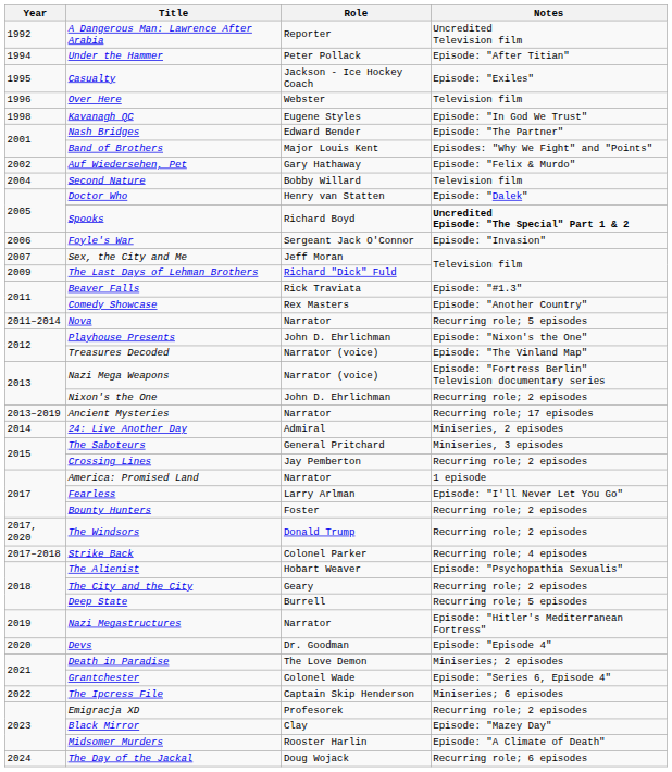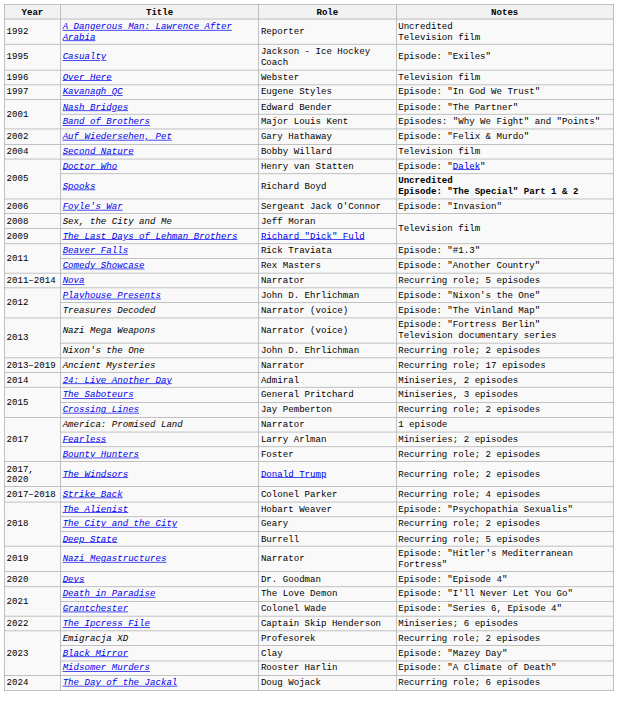 <table class="wikitable sortable">
 <tr>
 <th>Year</th>
 <th>Title</th>
 <th>Role</th>
 <th>Notes</th>
 </tr>
 <tr>
 <td>1992</td>
 <td><em><a href='#'>A Dangerous Man: Lawrence After Arabia</a></em></td>
 <td>Reporter</td>
 <td>Uncredited<br>Television film</td>
 </tr>
 <tr>
-<td>1994</td>
-<td><em><a href='#'>Under the Hammer</a></em></td>
-<td>Peter Pollack</td>
-<td>Episode: "After Titian"</td>
-</tr>
-<tr>
 <td>1995</td>
 <td><em><a href='#'>Casualty</a></em></td>
 <td>Jackson - Ice Hockey Coach</td>
 <td>Episode: "Exiles"</td>
 </tr>
 <tr>
 <td>1996</td>
 <td><em><a href='#'>Over Here</a></em></td>
 <td>Webster</td>
 <td>Television film</td>
 </tr>
 <tr>
-<td>1998</td>
+<td>1997</td>
 <td><em><a href='#'>Kavanagh QC</a></em></td>
 <td>Eugene Styles</td>
 <td>Episode: "In God We Trust"</td>
 </tr>
 <tr>
 <td rowspan="2">2001</td>
 <td><em><a href='#'>Nash Bridges</a></em></td>
 <td>Edward Bender</td>
 <td>Episode: "The Partner"</td>
 </tr>
 <tr>
 <td><em><a href='#'>Band of Brothers</a></em></td>
 <td>Major Louis Kent</td>
 <td>Episodes: "Why We Fight" and "Points"</td>
 </tr>
 <tr>
 <td>2002</td>
 <td><em><a href='#'>Auf Wiedersehen, Pet</a></em></td>
 <td>Gary Hathaway</td>
 <td>Episode: "Felix & Murdo"</td>
 </tr>
 <tr>
 <td>2004</td>
 <td><em><a href='#'>Second Nature</a></em></td>
 <td>Bobby Willard</td>
 <td>Television film</td>
 </tr>
 <tr>
 <td rowspan="2">2005</td>
 <td><em><a href='#'>Doctor Who</a></em></td>
 <td>Henry van Statten</td>
 <td>Episode: "<a href='#'>Dalek</a>"</td>
 </tr>
 <tr>
 <td><em><a href='#'>Spooks</a></em></td>
 <td>Richard Boyd</td>
 <td><strong>Uncredited<br>Episode: "The Special" Part 1 & 2</strong></td>
 </tr>
 <tr>
 <td>2006</td>
 <td><em><a href='#'>Foyle's War</a></em></td>
 <td>Sergeant Jack O'Connor</td>
 <td>Episode: "Invasion"</td>
 </tr>
 <tr>
-<td>2007</td>
+<td>2008</td>
 <td><em>Sex, the City and Me</em></td>
 <td>Jeff Moran</td>
 <td rowspan="2">Television film</td>
 </tr>
 <tr>
 <td>2009</td>
 <td><em><a href='#'>The Last Days of Lehman Brothers</a></em></td>
 <td><a href='#'>Richard "Dick" Fuld</a></td>
 </tr>
 <tr>
 <td rowspan="2">2011</td>
 <td><em><a href='#'>Beaver Falls</a></em></td>
 <td>Rick Traviata</td>
 <td>Episode: "#1.3"</td>
 </tr>
 <tr>
 <td><em><a href='#'>Comedy Showcase</a></em></td>
 <td>Rex Masters</td>
 <td>Episode: "Another Country"</td>
 </tr>
 <tr>
 <td>2011–2014</td>
 <td><em><a href='#'>Nova</a></em></td>
 <td>Narrator</td>
 <td>Recurring role; 5 episodes</td>
 </tr>
 <tr>
 <td rowspan="2">2012</td>
 <td><em><a href='#'>Playhouse Presents</a></em></td>
 <td>John D. Ehrlichman</td>
 <td>Episode: "Nixon's the One"</td>
 </tr>
 <tr>
 <td><em>Treasures Decoded</em></td>
 <td>Narrator (voice)</td>
 <td>Episode: "The Vinland Map"</td>
 </tr>
 <tr>
 <td rowspan="2">2013</td>
 <td><em>Nazi Mega Weapons</em></td>
 <td>Narrator (voice)</td>
 <td>Episode: "Fortress Berlin"<br>Television documentary series</td>
 </tr>
 <tr>
 <td><em>Nixon's the One</em></td>
 <td>John D. Ehrlichman</td>
 <td>Recurring role; 2 episodes</td>
 </tr>
 <tr>
 <td>2013–2019</td>
 <td><em>Ancient Mysteries</em></td>
 <td>Narrator</td>
 <td>Recurring role; 17 episodes</td>
 </tr>
 <tr>
 <td>2014</td>
 <td><em><a href='#'>24: Live Another Day</a></em></td>
 <td>Admiral</td>
 <td>Miniseries, 2 episodes</td>
 </tr>
 <tr>
 <td rowspan="2">2015</td>
 <td><em><a href='#'>The Saboteurs</a></em></td>
 <td>General Pritchard</td>
 <td>Miniseries, 3 episodes</td>
 </tr>
 <tr>
 <td><em><a href='#'>Crossing Lines</a></em></td>
 <td>Jay Pemberton</td>
 <td>Recurring role; 2 episodes</td>
 </tr>
 <tr>
 <td rowspan="3">2017</td>
 <td><em>America: Promised Land</em></td>
 <td>Narrator</td>
 <td>1 episode</td>
 </tr>
 <tr>
 <td><em><a href='#'>Fearless</a></em></td>
 <td>Larry Arlman</td>
-<td>Episode: "I'll Never Let You Go"</td>
+<td>Miniseries; 2 episodes</td>
 </tr>
 <tr>
 <td><em><a href='#'>Bounty Hunters</a></em></td>
 <td>Foster</td>
 <td>Recurring role; 2 episodes</td>
 </tr>
 <tr>
 <td>2017, 2020</td>
 <td><em><a href='#'>The Windsors</a></em></td>
 <td><a href='#'>Donald Trump</a></td>
 <td>Recurring role; 2 episodes</td>
 </tr>
 <tr>
 <td>2017–2018</td>
 <td><em><a href='#'>Strike Back</a></em></td>
 <td>Colonel Parker</td>
 <td>Recurring role; 4 episodes</td>
 </tr>
 <tr>
 <td rowspan="3">2018</td>
 <td><em><a href='#'>The Alienist</a></em></td>
 <td>Hobart Weaver</td>
 <td>Episode: "Psychopathia Sexualis"</td>
 </tr>
 <tr>
 <td><em><a href='#'>The City and the City</a></em></td>
 <td>Geary</td>
 <td>Recurring role; 2 episodes</td>
 </tr>
 <tr>
 <td><em><a href='#'>Deep State</a></em></td>
 <td>Burrell</td>
 <td>Recurring role; 5 episodes</td>
 </tr>
 <tr>
 <td>2019</td>
 <td><em><a href='#'>Nazi Megastructures</a></em></td>
 <td>Narrator</td>
 <td>Episode: "Hitler's Mediterranean Fortress"</td>
 </tr>
 <tr>
 <td>2020</td>
 <td><em><a href='#'>Devs</a></em></td>
 <td>Dr. Goodman</td>
 <td>Episode: "Episode 4"</td>
 </tr>
 <tr>
 <td rowspan="2">2021</td>
 <td><em><a href='#'>Death in Paradise</a></em></td>
 <td>The Love Demon</td>
-<td>Miniseries; 2 episodes</td>
+<td>Episode: "I'll Never Let You Go"</td>
 </tr>
 <tr>
 <td><em><a href='#'>Grantchester</a></em></td>
 <td>Colonel Wade</td>
 <td>Episode: "Series 6, Episode 4"</td>
 </tr>
 <tr>
 <td>2022</td>
 <td><em><a href='#'>The Ipcress File</a></em></td>
 <td>Captain Skip Henderson</td>
 <td>Miniseries; 6 episodes</td>
 </tr>
 <tr>
 <td rowspan="3">2023</td>
 <td><em>Emigracja XD</em></td>
 <td>Profesorek</td>
 <td>Recurring role; 2 episodes</td>
 </tr>
 <tr>
 <td><em><a href='#'>Black Mirror</a></em></td>
 <td>Clay</td>
 <td>Episode: "Mazey Day"</td>
 </tr>
 <tr>
 <td><em><a href='#'>Midsomer Murders</a></em></td>
 <td>Rooster Harlin</td>
 <td>Episode: "A Climate of Death"</td>
 </tr>
 <tr>
 <td>2024</td>
 <td><em><a href='#'>The Day of the Jackal</a></em></td>
 <td>Doug Wojack</td>
 <td>Recurring role; 6 episodes</td>
 </tr>
 </table>
